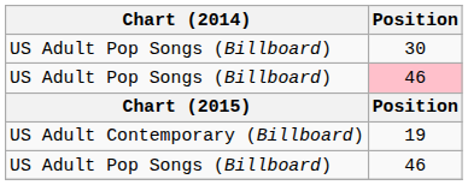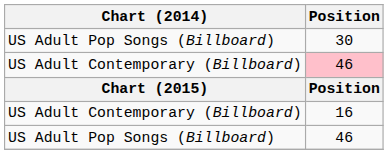 <table class="wikitable plainrowheaders">
 <tr>
 <th>Chart (2014)</th>
 <th>Position</th>
 </tr>
 <tr>
 <td>US Adult Pop Songs (<em>Billboard</em>)</td>
 <td align="center">30</td>
 </tr>
 <tr>
-<td>US Adult Pop Songs (<em>Billboard</em>)</td>
+<td>US Adult Contemporary (<em>Billboard</em>)</td>
 <td align="center" style="background: pink;">46</td>
 </tr>
 <tr>
 <th>Chart (2015)</th>
 <th>Position</th>
 </tr>
 <tr>
 <td>US Adult Contemporary (<em>Billboard</em>)</td>
-<td align="center">19</td>
+<td align="center">16</td>
 </tr>
 <tr>
 <td>US Adult Pop Songs (<em>Billboard</em>)</td>
 <td align="center">46</td>
 </tr>
 <tr>
 </tr>
 </table>
